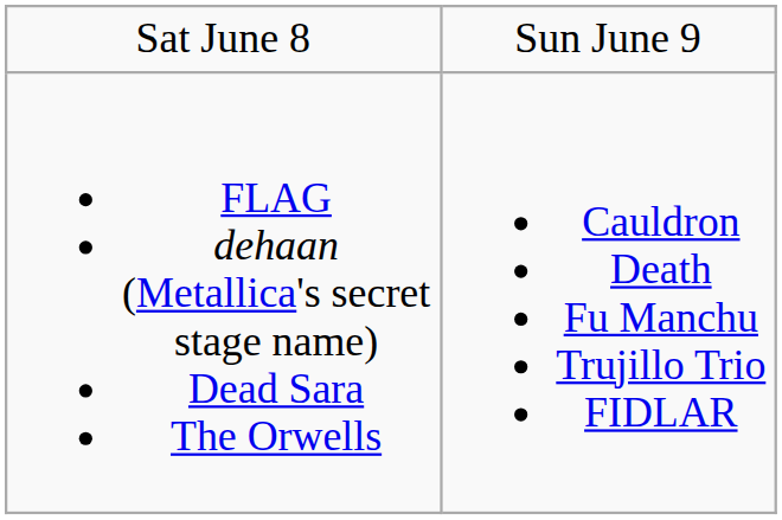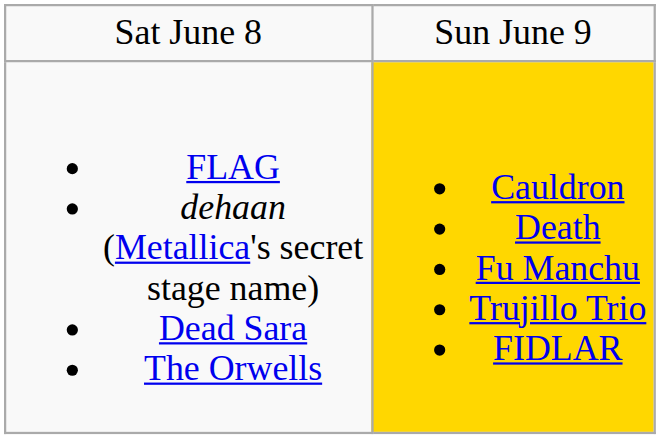 <table class="wikitable plainrowheaders" style="text-align:center;" border="1">
 <tr>
 <td>Sat June 8</td>
 <td>Sun June 9</td>
 </tr>
 <tr>
 <td><br><ul><li><a href='#'>FLAG</a></li><li><em>dehaan</em><br>(<a href='#'>Metallica</a>'s secret<br>stage name)</li><li><a href='#'>Dead Sara</a></li><li><a href='#'>The Orwells</a></li></ul></td>
-<td><br><ul><li><a href='#'>Cauldron</a></li><li><a href='#'>Death</a></li><li><a href='#'>Fu Manchu</a></li><li><a href='#'>Trujillo Trio</a></li><li><a href='#'>FIDLAR</a></li></ul></td>
+<td style="background: gold;"><br><ul><li><a href='#'>Cauldron</a></li><li><a href='#'>Death</a></li><li><a href='#'>Fu Manchu</a></li><li><a href='#'>Trujillo Trio</a></li><li><a href='#'>FIDLAR</a></li></ul></td>
 </tr>
 </table>
